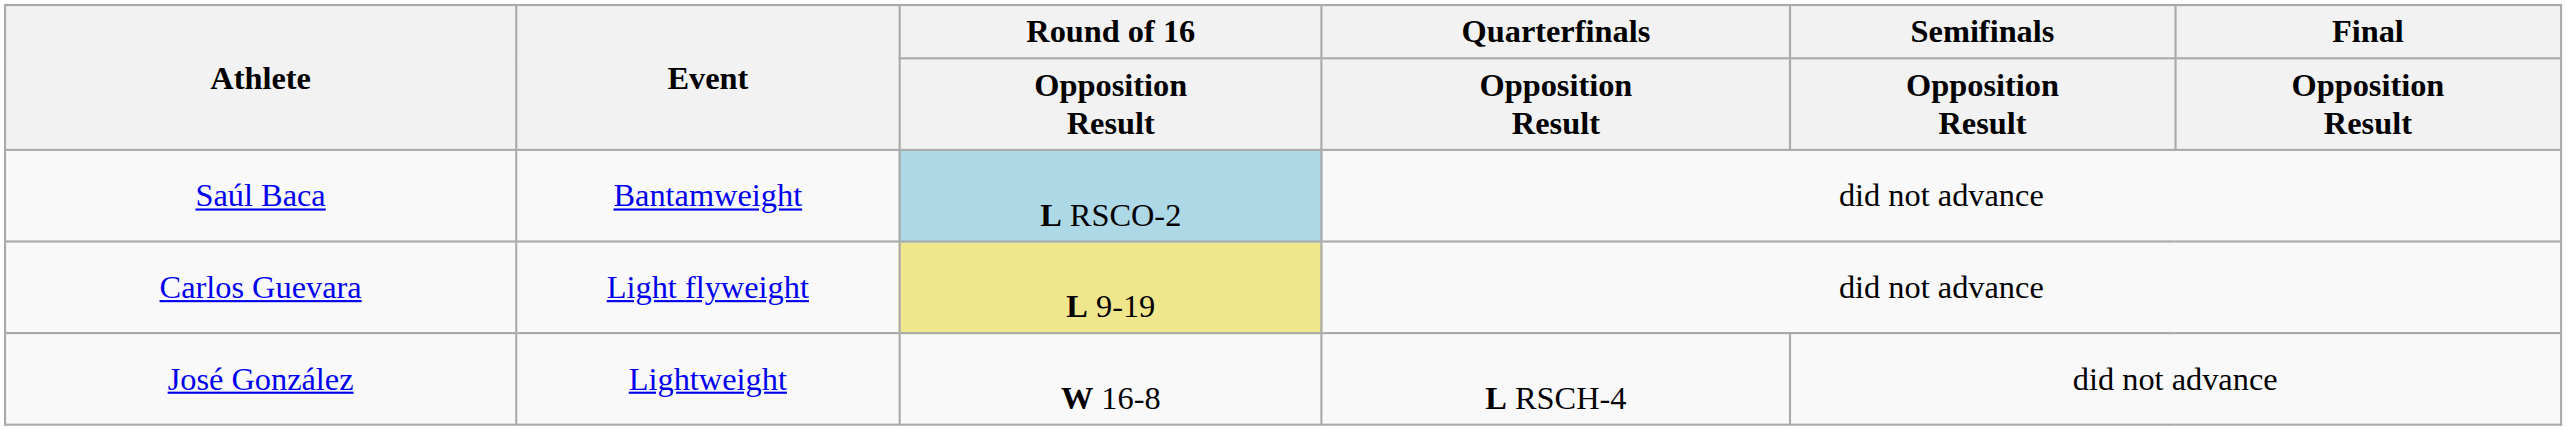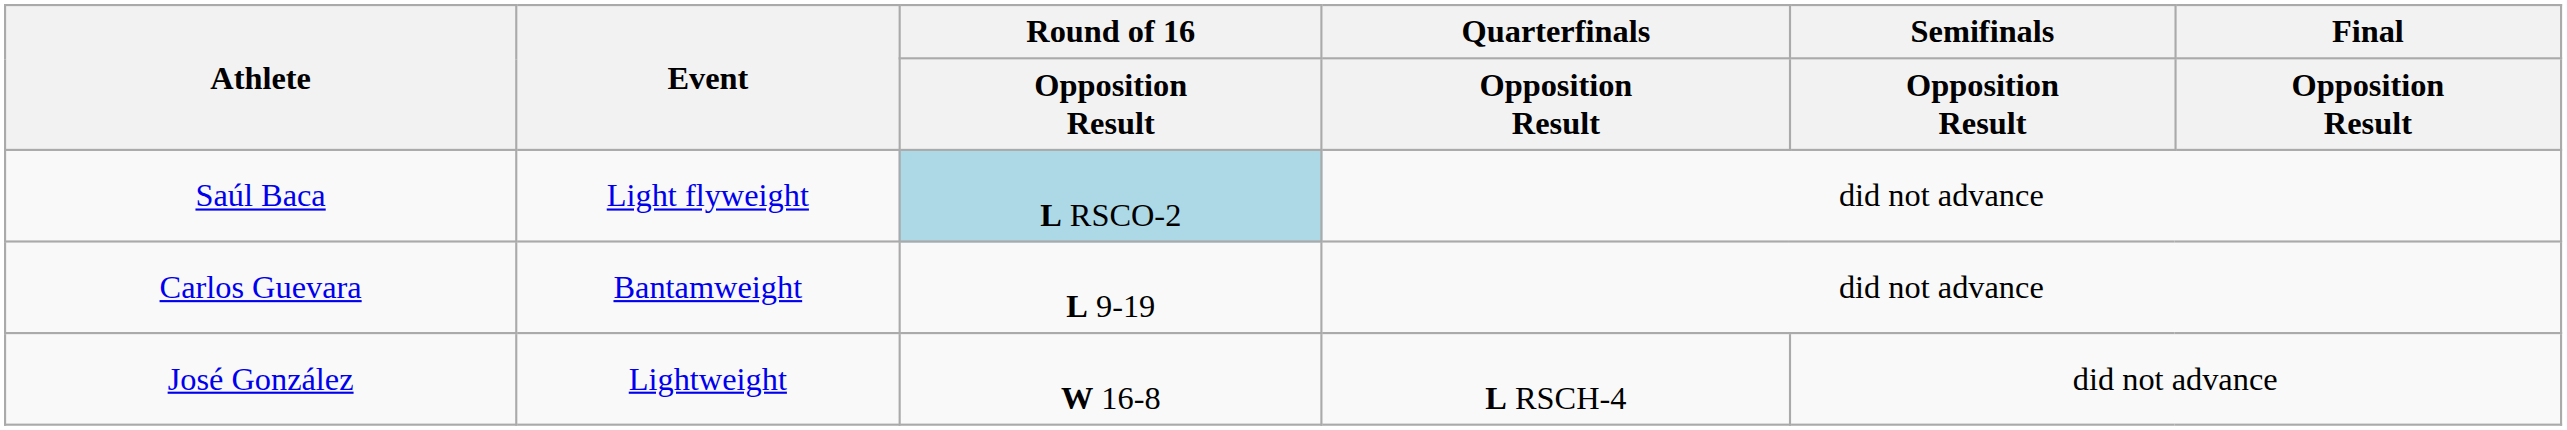 <table class="wikitable" style="font-size:95%; text-align:center;" width="95%">
 <tr>
 <th rowspan="2">Athlete</th>
 <th rowspan="2">Event</th>
 <th>Round of 16</th>
 <th>Quarterfinals</th>
 <th>Semifinals</th>
 <th>Final</th>
 </tr>
 <tr>
 <th>Opposition<br>Result</th>
 <th>Opposition<br>Result</th>
 <th>Opposition<br>Result</th>
 <th>Opposition<br>Result</th>
 </tr>
 <tr>
 <td width=20%><a href='#'>Saúl Baca</a></td>
-<td width=15%><a href='#'>Bantamweight</a></td>
+<td width=15%><a href='#'>Light flyweight</a></td>
 <td style="background: lightblue;"><br><strong>L</strong> RSCO-2</td>
 <td colspan=3>did not advance</td>
 </tr>
 <tr>
 <td width=20%><a href='#'>Carlos Guevara</a></td>
-<td width=15%><a href='#'>Light flyweight</a></td>
-<td style="background: khaki;"><br><strong>L</strong> 9-19</td>
+<td width=15%><a href='#'>Bantamweight</a></td>
+<td><br><strong>L</strong> 9-19</td>
 <td colspan=3>did not advance</td>
 </tr>
 <tr>
 <td width=20%><a href='#'>José González</a></td>
 <td width=15%><a href='#'>Lightweight</a></td>
 <td><br><strong>W</strong> 16-8</td>
 <td><br><strong>L</strong> RSCH-4</td>
 <td colspan=2>did not advance</td>
 </tr>
 </table>
